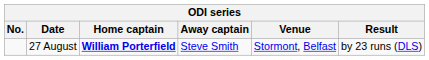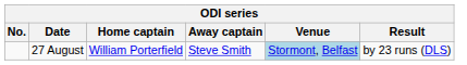 <table class="wikitable">
 <tr>
 <th colspan="9">ODI series</th>
 </tr>
 <tr>
 <th>No.</th>
 <th>Date</th>
 <th>Home captain</th>
 <th>Away captain</th>
 <th>Venue</th>
 <th>Result</th>
 </tr>
 <tr>
 <td></td>
 <td>27 August</td>
-<td><strong><a href='#'>William Porterfield</a></strong></td>
+<td><a href='#'>William Porterfield</a></td>
 <td><a href='#'>Steve Smith</a></td>
-<td><a href='#'>Stormont</a>, <a href='#'>Belfast</a></td>
+<td style="background: lightblue;"><a href='#'>Stormont</a>, <a href='#'>Belfast</a></td>
 <td> by 23 runs (<a href='#'>DLS</a>)</td>
 </tr>
 </table>
